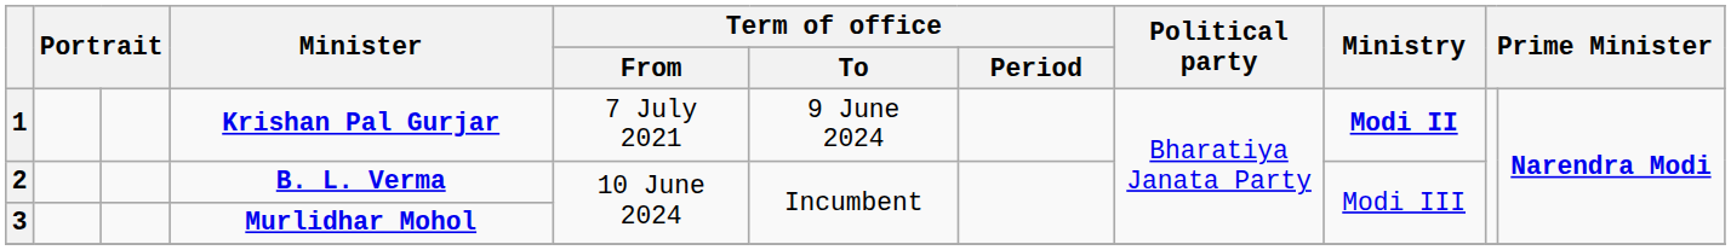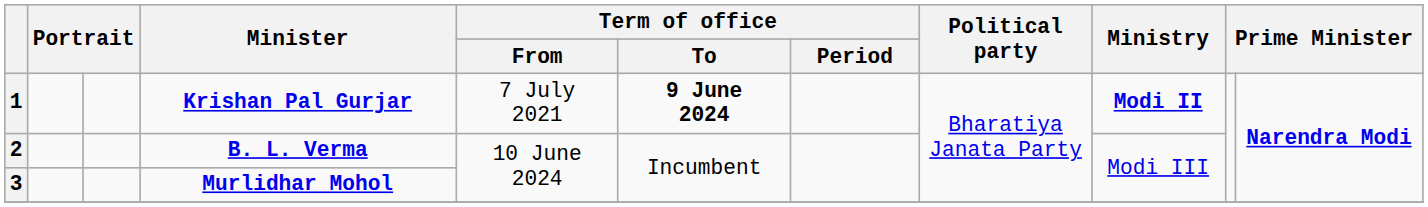 <table class="wikitable" style="text-align:center">
 <tr>
 <th rowspan="2"></th>
 <th rowspan="2" colspan="2">Portrait</th>
 <th rowspan="2" style="width:16em">Minister<br></th>
 <th colspan="3">Term of office</th>
 <th rowspan="2" style="width:8em">Political party</th>
 <th rowspan="2" style="width:6em">Ministry</th>
 <th rowspan="2" colspan="2">Prime Minister</th>
 </tr>
 <tr>
 <th style="width:8em">From</th>
 <th style="width:8em">To</th>
 <th style="width:6em">Period</th>
 </tr>
 <tr>
 <th>1</th>
 <td></td>
 <td></td>
 <td><strong><a href='#'>Krishan Pal Gurjar</a></strong><br></td>
 <td>7 July<br>2021</td>
-<td>9 June<br>2024</td>
+<td><strong>9 June<br>2024</strong></td>
 <td><strong></strong></td>
 <td rowspan="3"><a href='#'>Bharatiya Janata Party</a></td>
 <td><strong><a href='#'>Modi II</a></strong></td>
 <td rowspan="3"></td>
 <td rowspan="3" style="width:9em"><strong><a href='#'>Narendra Modi</a></strong></td>
 </tr>
 <tr>
 <th>2</th>
 <td></td>
 <td></td>
 <td><strong><a href='#'>B. L. Verma</a></strong><br></td>
 <td rowspan="2">10 June<br>2024</td>
 <td rowspan="2">Incumbent</td>
 <td rowspan="2"><strong></strong></td>
 <td rowspan="2"><a href='#'>Modi III</a></td>
 </tr>
 <tr>
 <th>3</th>
 <td></td>
 <td></td>
 <td><strong><a href='#'>Murlidhar Mohol</a></strong><br></td>
 </tr>
 <tr>
 </tr>
 </table>
